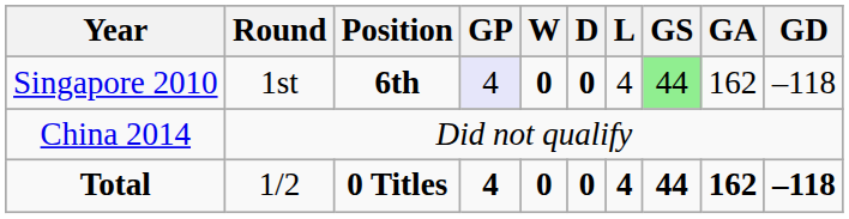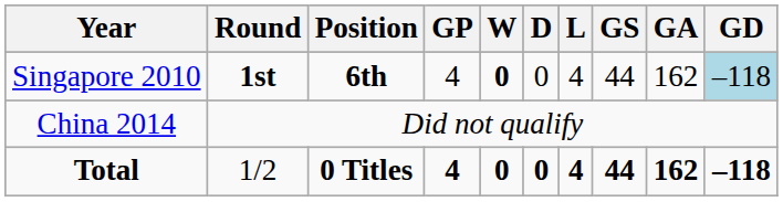 <table class="wikitable" style="text-align: center;">
 <tr>
 <th>Year</th>
 <th>Round</th>
 <th>Position</th>
 <th>GP</th>
 <th>W</th>
 <th>D</th>
 <th>L</th>
 <th>GS</th>
 <th>GA</th>
 <th>GD</th>
 </tr>
 <tr>
 <td><a href='#'>Singapore 2010</a></td>
-<td>1st</td>
+<td><strong>1st</strong></td>
 <td><strong>6th</strong></td>
-<td style="background: lavender;">4</td>
+<td>4</td>
 <td><strong>0</strong></td>
-<td><strong>0</strong></td>
+<td>0</td>
 <td>4</td>
-<td style="background: lightgreen;">44</td>
+<td>44</td>
 <td>162</td>
-<td>–118</td>
+<td style="background: lightblue;">–118</td>
 </tr>
 <tr>
 <td><a href='#'>China 2014</a></td>
 <td colspan="9"><em>Did not qualify</em></td>
 </tr>
 <tr>
 <td><strong>Total</strong></td>
 <td>1/2</td>
 <td><strong>0 Titles</strong></td>
 <td><strong>4</strong></td>
 <td><strong>0</strong></td>
 <td><strong>0</strong></td>
 <td><strong>4</strong></td>
 <td><strong>44</strong></td>
 <td><strong>162</strong></td>
 <td><strong>–118</strong></td>
 </tr>
 </table>
